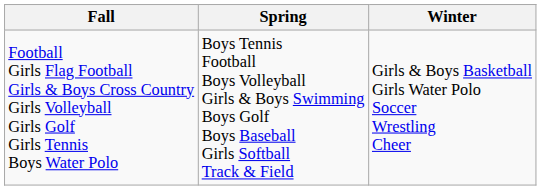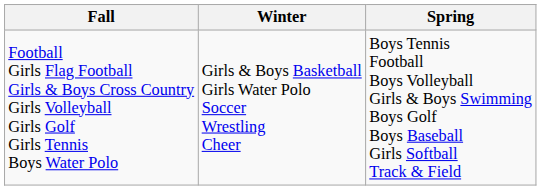 <table class="wikitable">
 <tr>
 <th><strong>Fall</strong></th>
+<th><strong>Winter</strong></th>
 <th><strong>Spring</strong></th>
-<th><strong>Winter</strong></th>
 </tr>
 <tr>
 <td><a href='#'>Football</a><br>Girls <a href='#'>Flag Football</a><br><a href='#'>Girls & Boys Cross Country</a><br>Girls <a href='#'>Volleyball</a><br>Girls <a href='#'>Golf</a><br>Girls <a href='#'>Tennis</a><br>Boys <a href='#'>Water Polo</a></td>
+<td>Girls & Boys <a href='#'>Basketball</a><br>Girls Water Polo<br><a href='#'>Soccer</a><br><a href='#'>Wrestling</a><br><a href='#'>Cheer</a></td>
 <td>Boys Tennis<br>Football<br>Boys Volleyball<br>Girls & Boys <a href='#'>Swimming</a><br>Boys Golf<br>Boys <a href='#'>Baseball</a><br>Girls <a href='#'>Softball</a><br><a href='#'>Track & Field</a></td>
-<td>Girls & Boys <a href='#'>Basketball</a><br>Girls Water Polo<br><a href='#'>Soccer</a><br><a href='#'>Wrestling</a><br><a href='#'>Cheer</a></td>
 </tr>
 </table>
